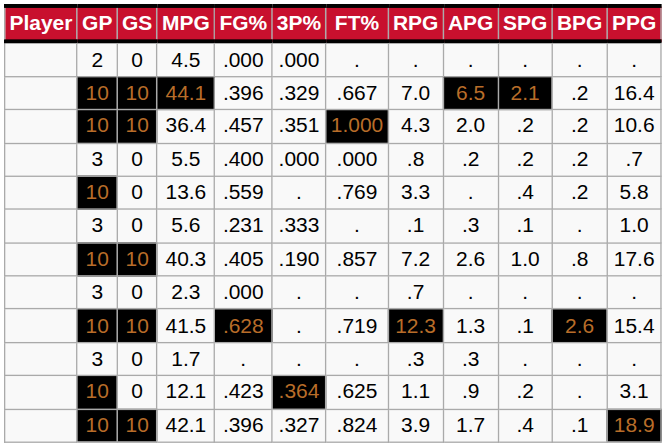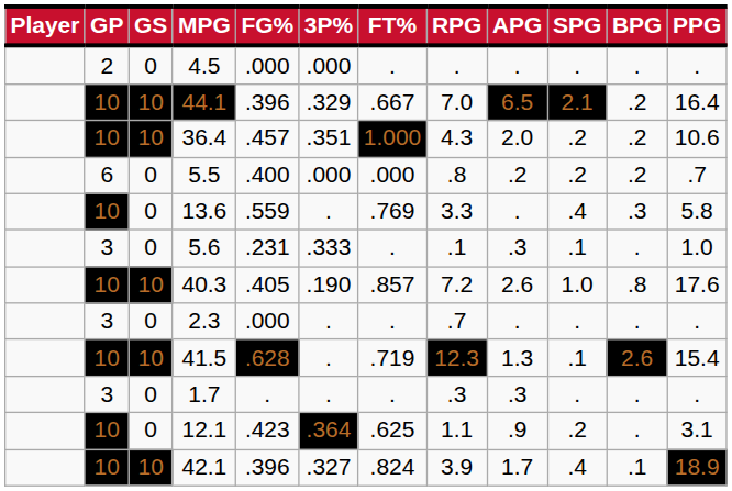 <table class="wikitable sortable" style="text-align:right;">
 <tr>
 <th style="background:#C8102E; color:#FFFFFF; border-top:#010101 3px solid; border-bottom:#010101 3px solid;">Player</th>
 <th style="background:#C8102E; color:#FFFFFF; border-top:#010101 3px solid; border-bottom:#010101 3px solid;">GP</th>
 <th style="background:#C8102E; color:#FFFFFF; border-top:#010101 3px solid; border-bottom:#010101 3px solid;">GS</th>
 <th style="background:#C8102E; color:#FFFFFF; border-top:#010101 3px solid; border-bottom:#010101 3px solid;">MPG</th>
 <th style="background:#C8102E; color:#FFFFFF; border-top:#010101 3px solid; border-bottom:#010101 3px solid;">FG%</th>
 <th style="background:#C8102E; color:#FFFFFF; border-top:#010101 3px solid; border-bottom:#010101 3px solid;">3P%</th>
 <th style="background:#C8102E; color:#FFFFFF; border-top:#010101 3px solid; border-bottom:#010101 3px solid;">FT%</th>
 <th style="background:#C8102E; color:#FFFFFF; border-top:#010101 3px solid; border-bottom:#010101 3px solid;">RPG</th>
 <th style="background:#C8102E; color:#FFFFFF; border-top:#010101 3px solid; border-bottom:#010101 3px solid;">APG</th>
 <th style="background:#C8102E; color:#FFFFFF; border-top:#010101 3px solid; border-bottom:#010101 3px solid;">SPG</th>
 <th style="background:#C8102E; color:#FFFFFF; border-top:#010101 3px solid; border-bottom:#010101 3px solid;">BPG</th>
 <th style="background:#C8102E; color:#FFFFFF; border-top:#010101 3px solid; border-bottom:#010101 3px solid;">PPG</th>
 </tr>
 <tr align="center">
 <td></td>
 <td>2</td>
 <td>0</td>
 <td>4.5</td>
 <td>.000</td>
 <td>.000</td>
 <td>.</td>
 <td>.</td>
 <td>.</td>
 <td>.</td>
 <td>.</td>
 <td>.</td>
 </tr>
 <tr align="center">
 <td><strong></strong></td>
 <td style="background:#000000;color:#B86D29;">10</td>
 <td style="background:#000000;color:#B86D29;">10</td>
 <td style="background:#000000;color:#B86D29;">44.1</td>
 <td>.396</td>
 <td>.329</td>
 <td>.667</td>
 <td>7.0</td>
 <td style="background:#000000;color:#B86D29;">6.5</td>
 <td style="background:#000000;color:#B86D29;">2.1</td>
 <td>.2</td>
 <td>16.4</td>
 </tr>
 <tr align="center">
 <td><strong></strong></td>
 <td style="background:#000000;color:#B86D29;">10</td>
 <td style="background:#000000;color:#B86D29;">10</td>
 <td>36.4</td>
 <td>.457</td>
 <td>.351</td>
 <td style="background:#000000;color:#B86D29;">1.000</td>
 <td>4.3</td>
 <td>2.0</td>
 <td>.2</td>
 <td>.2</td>
 <td>10.6</td>
 </tr>
 <tr align="center">
 <td></td>
-<td>3</td>
+<td>6</td>
 <td>0</td>
 <td>5.5</td>
 <td>.400</td>
 <td>.000</td>
 <td>.000</td>
 <td>.8</td>
 <td>.2</td>
 <td>.2</td>
 <td>.2</td>
 <td>.7</td>
 </tr>
 <tr align="center">
 <td></td>
 <td style="background:#000000;color:#B86D29;">10</td>
 <td>0</td>
 <td>13.6</td>
 <td>.559</td>
 <td>.</td>
 <td>.769</td>
 <td>3.3</td>
 <td>.</td>
 <td>.4</td>
-<td>.2</td>
+<td>.3</td>
 <td>5.8</td>
 </tr>
 <tr align="center">
 <td></td>
 <td>3</td>
 <td>0</td>
 <td>5.6</td>
 <td>.231</td>
 <td>.333</td>
 <td>.</td>
 <td>.1</td>
 <td>.3</td>
 <td>.1</td>
 <td>.</td>
 <td>1.0</td>
 </tr>
 <tr align="center">
 <td><strong></strong></td>
 <td style="background:#000000;color:#B86D29;">10</td>
 <td style="background:#000000;color:#B86D29;">10</td>
 <td>40.3</td>
 <td>.405</td>
 <td>.190</td>
 <td>.857</td>
 <td>7.2</td>
 <td>2.6</td>
 <td>1.0</td>
 <td>.8</td>
 <td>17.6</td>
 </tr>
 <tr align="center">
 <td></td>
 <td>3</td>
 <td>0</td>
 <td>2.3</td>
 <td>.000</td>
 <td>.</td>
 <td>.</td>
 <td>.7</td>
 <td>.</td>
 <td>.</td>
 <td>.</td>
 <td>.</td>
 </tr>
 <tr align="center">
 <td><strong></strong></td>
 <td style="background:#000000;color:#B86D29;">10</td>
 <td style="background:#000000;color:#B86D29;">10</td>
 <td>41.5</td>
 <td style="background:#000000;color:#B86D29;">.628</td>
 <td>.</td>
 <td>.719</td>
 <td style="background:#000000;color:#B86D29;">12.3</td>
 <td>1.3</td>
 <td>.1</td>
 <td style="background:#000000;color:#B86D29;">2.6</td>
 <td>15.4</td>
 </tr>
 <tr align="center">
 <td></td>
 <td>3</td>
 <td>0</td>
 <td>1.7</td>
 <td>.</td>
 <td>.</td>
 <td>.</td>
 <td>.3</td>
 <td>.3</td>
 <td>.</td>
 <td>.</td>
 <td>.</td>
 </tr>
 <tr align="center">
 <td></td>
 <td style="background:#000000;color:#B86D29;">10</td>
 <td>0</td>
 <td>12.1</td>
 <td>.423</td>
 <td style="background:#000000;color:#B86D29;">.364</td>
 <td>.625</td>
 <td>1.1</td>
 <td>.9</td>
 <td>.2</td>
 <td>.</td>
 <td>3.1</td>
 </tr>
 <tr align="center">
 <td><strong></strong></td>
 <td style="background:#000000;color:#B86D29;">10</td>
 <td style="background:#000000;color:#B86D29;">10</td>
 <td>42.1</td>
 <td>.396</td>
 <td>.327</td>
 <td>.824</td>
 <td>3.9</td>
 <td>1.7</td>
 <td>.4</td>
 <td>.1</td>
 <td style="background:#000000;color:#B86D29;">18.9</td>
 </tr>
 </table>
